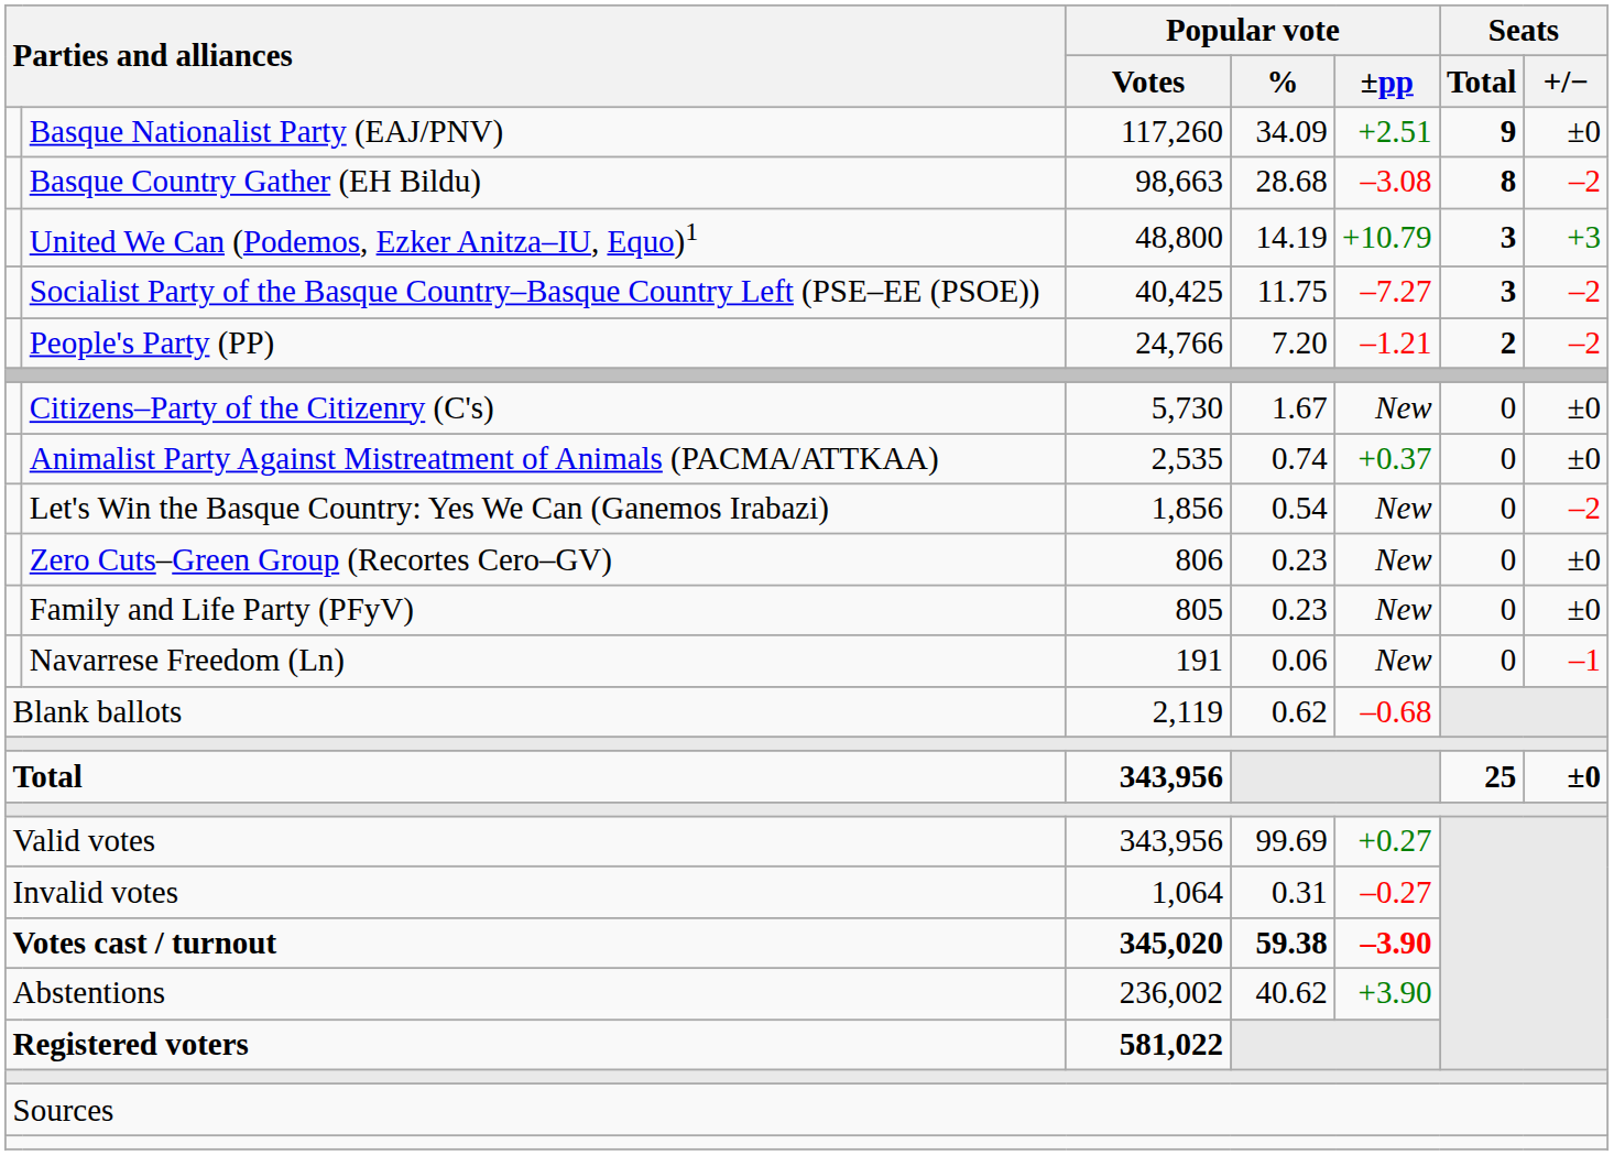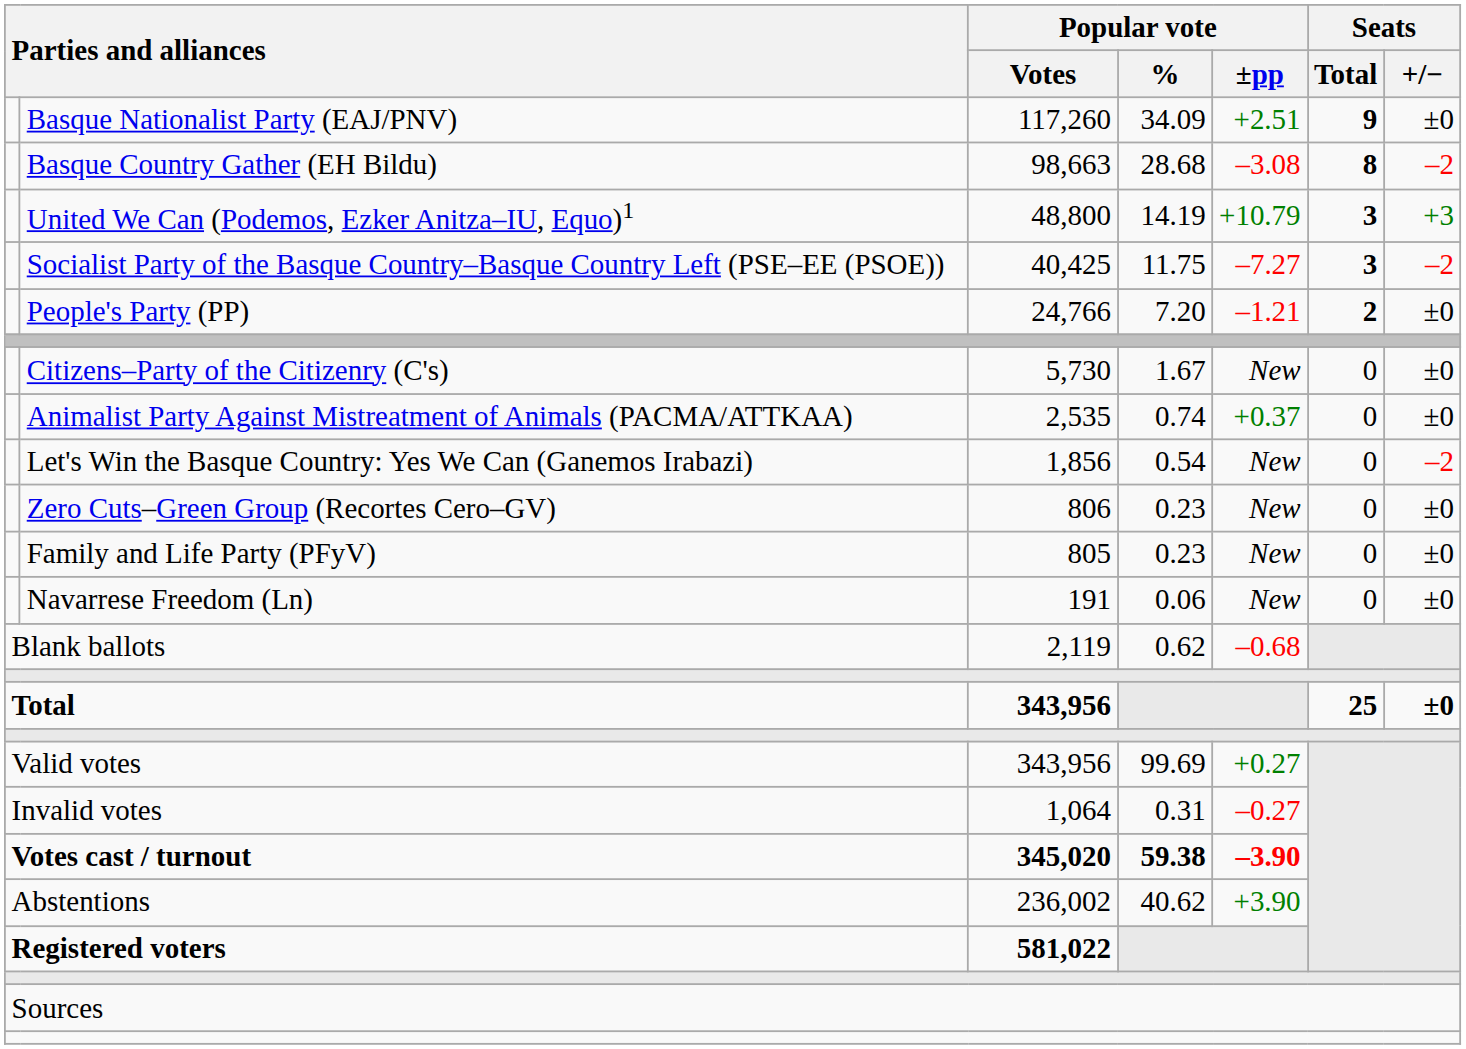 <table class="wikitable" style="text-align:right;">
 <tr>
 <th style="text-align:left;" rowspan="2" colspan="2" width="525">Parties and alliances</th>
 <th colspan="3">Popular vote</th>
 <th colspan="2">Seats</th>
 </tr>
 <tr>
 <th width="75">Votes</th>
 <th width="45">%</th>
 <th width="45">±<a href='#'>pp</a></th>
 <th width="35">Total</th>
 <th width="35">+/−</th>
 </tr>
 <tr>
 <td width="1" style="color:inherit;background:"></td>
 <td align="left"><a href='#'>Basque Nationalist Party</a> (EAJ/PNV)</td>
 <td>117,260</td>
 <td>34.09</td>
 <td style="color:green;">+2.51</td>
 <td><strong>9</strong></td>
 <td>±0</td>
 </tr>
 <tr>
 <td style="color:inherit;background:"></td>
 <td align="left"><a href='#'>Basque Country Gather</a> (EH Bildu)</td>
 <td>98,663</td>
 <td>28.68</td>
 <td style="color:red;">–3.08</td>
 <td><strong>8</strong></td>
 <td style="color:red;">–2</td>
 </tr>
 <tr>
 <td style="color:inherit;background:"></td>
 <td align="left"><a href='#'>United We Can</a> (<a href='#'>Podemos</a>, <a href='#'>Ezker Anitza–IU</a>, <a href='#'>Equo</a>)<sup>1</sup></td>
 <td>48,800</td>
 <td>14.19</td>
 <td style="color:green;">+10.79</td>
 <td><strong>3</strong></td>
 <td style="color:green;">+3</td>
 </tr>
 <tr>
 <td style="color:inherit;background:"></td>
 <td align="left"><a href='#'>Socialist Party of the Basque Country–Basque Country Left</a> (PSE–EE (PSOE))</td>
 <td>40,425</td>
 <td>11.75</td>
 <td style="color:red;">–7.27</td>
 <td><strong>3</strong></td>
 <td style="color:red;">–2</td>
 </tr>
 <tr>
 <td style="color:inherit;background:"></td>
 <td align="left"><a href='#'>People's Party</a> (PP)</td>
 <td>24,766</td>
 <td>7.20</td>
 <td style="color:red;">–1.21</td>
 <td><strong>2</strong></td>
-<td style="color:red;">–2</td>
+<td>±0</td>
 </tr>
 <tr>
 <td colspan="7" bgcolor="#C0C0C0"></td>
 </tr>
 <tr>
 <td style="color:inherit;background:"></td>
 <td align="left"><a href='#'>Citizens–Party of the Citizenry</a> (C's)</td>
 <td>5,730</td>
 <td>1.67</td>
 <td><em>New</em></td>
 <td>0</td>
 <td>±0</td>
 </tr>
 <tr>
 <td style="color:inherit;background:"></td>
 <td align="left"><a href='#'>Animalist Party Against Mistreatment of Animals</a> (PACMA/ATTKAA)</td>
 <td>2,535</td>
 <td>0.74</td>
 <td style="color:green;">+0.37</td>
 <td>0</td>
 <td>±0</td>
 </tr>
 <tr>
 <td style="color:inherit;background:"></td>
 <td align="left">Let's Win the Basque Country: Yes We Can (Ganemos Irabazi)</td>
 <td>1,856</td>
 <td>0.54</td>
 <td><em>New</em></td>
 <td>0</td>
 <td style="color:red;">–2</td>
 </tr>
 <tr>
 <td style="color:inherit;background:"></td>
 <td align="left"><a href='#'>Zero Cuts</a>–<a href='#'>Green Group</a> (Recortes Cero–GV)</td>
 <td>806</td>
 <td>0.23</td>
 <td><em>New</em></td>
 <td>0</td>
 <td>±0</td>
 </tr>
 <tr>
 <td style="color:inherit;background:"></td>
 <td align="left">Family and Life Party (PFyV)</td>
 <td>805</td>
 <td>0.23</td>
 <td><em>New</em></td>
 <td>0</td>
 <td>±0</td>
 </tr>
 <tr>
 <td style="color:inherit;background:"></td>
 <td align="left">Navarrese Freedom (Ln)</td>
 <td>191</td>
 <td>0.06</td>
 <td><em>New</em></td>
 <td>0</td>
-<td style="color:red;">–1</td>
+<td>±0</td>
 </tr>
 <tr>
 <td align="left" colspan="2">Blank ballots</td>
 <td>2,119</td>
 <td>0.62</td>
 <td style="color:red;">–0.68</td>
 <td bgcolor="#E9E9E9" colspan="2"></td>
 </tr>
 <tr>
 <td colspan="7" bgcolor="#E9E9E9"></td>
 </tr>
 <tr style="font-weight:bold;">
 <td align="left" colspan="2">Total</td>
 <td>343,956</td>
 <td bgcolor="#E9E9E9" colspan="2"></td>
 <td>25</td>
 <td>±0</td>
 </tr>
 <tr>
 <td colspan="7" bgcolor="#E9E9E9"></td>
 </tr>
 <tr>
 <td align="left" colspan="2">Valid votes</td>
 <td>343,956</td>
 <td>99.69</td>
 <td style="color:green;">+0.27</td>
 <td bgcolor="#E9E9E9" colspan="2" rowspan="5"></td>
 </tr>
 <tr>
 <td align="left" colspan="2">Invalid votes</td>
 <td>1,064</td>
 <td>0.31</td>
 <td style="color:red;">–0.27</td>
 </tr>
 <tr style="font-weight:bold;">
 <td align="left" colspan="2">Votes cast / turnout</td>
 <td>345,020</td>
 <td>59.38</td>
 <td style="color:red;">–3.90</td>
 </tr>
 <tr>
 <td align="left" colspan="2">Abstentions</td>
 <td>236,002</td>
 <td>40.62</td>
 <td style="color:green;">+3.90</td>
 </tr>
 <tr style="font-weight:bold;">
 <td align="left" colspan="2">Registered voters</td>
 <td>581,022</td>
 <td bgcolor="#E9E9E9" colspan="2"></td>
 </tr>
 <tr>
 <td colspan="7" bgcolor="#E9E9E9"></td>
 </tr>
 <tr>
 <td align="left" colspan="7">Sources</td>
 </tr>
 <tr>
 <td colspan="7" style="text-align:left; max-width:790px;"></td>
 </tr>
 </table>
